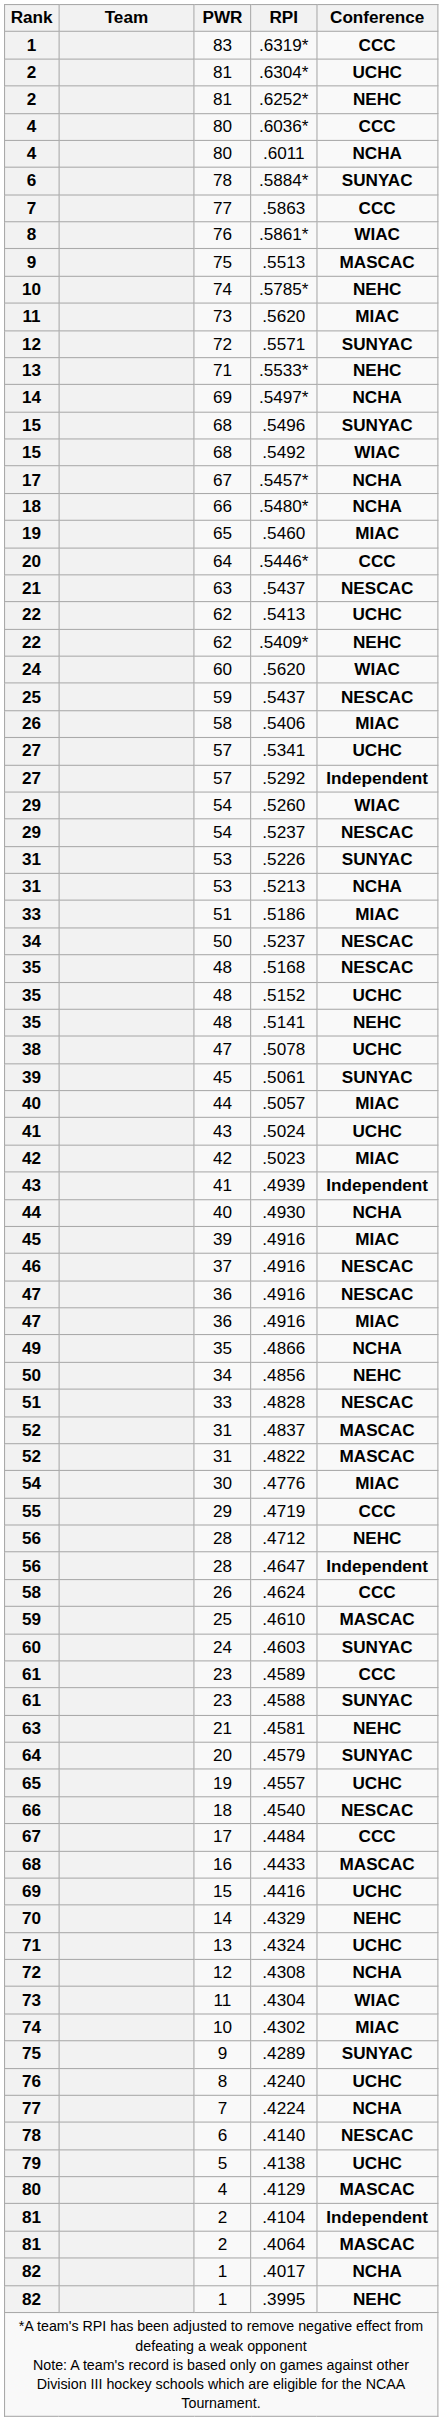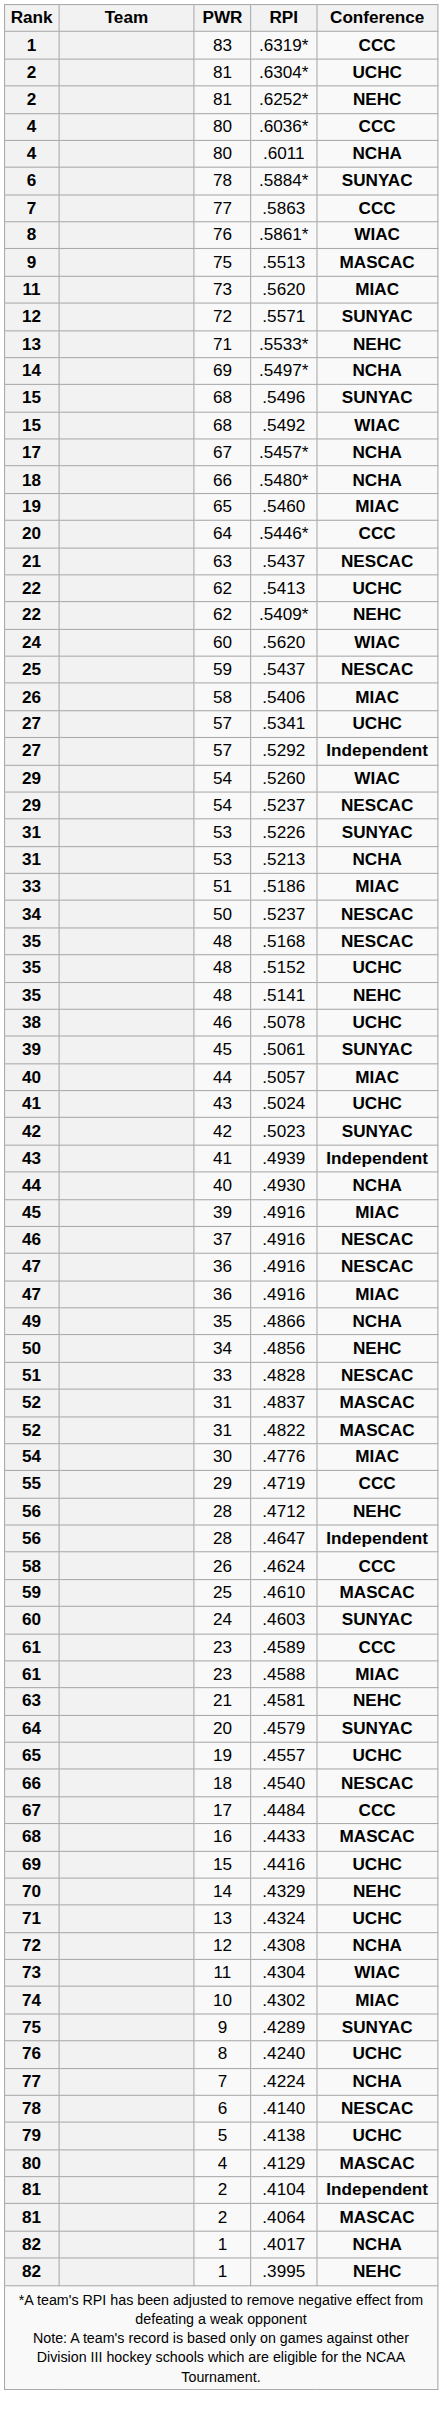 <table class="wikitable sortable" style="text-align: center;" width=65%>
 <tr>
 <th ! width="4%">Rank</th>
 <th ! width="25%">Team</th>
 <th ! width="8%">PWR</th>
 <th ! width="8%">RPI</th>
 <th ! width="10%">Conference</th>
 </tr>
 <tr>
 <th>1</th>
 <th align=center><strong><a href='#'></a></strong></th>
 <td>83</td>
 <td>.6319*</td>
 <td><strong>CCC</strong></td>
 </tr>
 <tr>
 <th>2</th>
 <th align=center><strong><a href='#'></a></strong></th>
 <td>81</td>
 <td>.6304*</td>
 <td><strong>UCHC</strong></td>
 </tr>
 <tr>
 <th>2</th>
 <th align=center><strong><a href='#'></a></strong></th>
 <td>81</td>
 <td>.6252*</td>
 <td><strong>NEHC</strong></td>
 </tr>
 <tr>
 <th>4</th>
 <th align=center><strong><a href='#'></a></strong></th>
 <td>80</td>
 <td>.6036*</td>
 <td><strong>CCC</strong></td>
 </tr>
 <tr>
 <th>4</th>
 <th align=center><strong><a href='#'></a></strong></th>
 <td>80</td>
 <td>.6011</td>
 <td><strong>NCHA</strong></td>
 </tr>
 <tr>
 <th>6</th>
 <th align=center><strong><a href='#'></a></strong></th>
 <td>78</td>
 <td>.5884*</td>
 <td><strong>SUNYAC</strong></td>
 </tr>
 <tr>
 <th>7</th>
 <th align=center><strong><a href='#'></a></strong></th>
 <td>77</td>
 <td>.5863</td>
 <td><strong>CCC</strong></td>
 </tr>
 <tr>
 <th>8</th>
 <th align=center><strong><a href='#'></a></strong></th>
 <td>76</td>
 <td>.5861*</td>
 <td><strong>WIAC</strong></td>
 </tr>
 <tr>
 <th>9</th>
 <th align=center><strong><a href='#'></a></strong></th>
 <td>75</td>
 <td>.5513</td>
 <td><strong>MASCAC</strong></td>
-</tr>
-<tr>
-<th>10</th>
-<th align=center><strong><a href='#'></a></strong></th>
-<td>74</td>
-<td>.5785*</td>
-<td><strong>NEHC</strong></td>
 </tr>
 <tr>
 <th>11</th>
 <th align=center><strong><a href='#'></a></strong></th>
 <td>73</td>
 <td>.5620</td>
 <td><strong>MIAC</strong></td>
 </tr>
 <tr>
 <th>12</th>
 <th align=center><strong><a href='#'></a></strong></th>
 <td>72</td>
 <td>.5571</td>
 <td><strong>SUNYAC</strong></td>
 </tr>
 <tr>
 <th>13</th>
 <th align=center><strong><a href='#'></a></strong></th>
 <td>71</td>
 <td>.5533*</td>
 <td><strong>NEHC</strong></td>
 </tr>
 <tr>
 <th>14</th>
 <th align=center><strong><a href='#'></a></strong></th>
 <td>69</td>
 <td>.5497*</td>
 <td><strong>NCHA</strong></td>
 </tr>
 <tr>
 <th>15</th>
 <th align=center><strong><a href='#'></a></strong></th>
 <td>68</td>
 <td>.5496</td>
 <td><strong>SUNYAC</strong></td>
 </tr>
 <tr>
 <th>15</th>
 <th align=center><strong><a href='#'></a></strong></th>
 <td>68</td>
 <td>.5492</td>
 <td><strong>WIAC</strong></td>
 </tr>
 <tr>
 <th>17</th>
 <th align=center><strong><a href='#'></a></strong></th>
 <td>67</td>
 <td>.5457*</td>
 <td><strong>NCHA</strong></td>
 </tr>
 <tr>
 <th>18</th>
 <th align=center><strong><a href='#'></a></strong></th>
 <td>66</td>
 <td>.5480*</td>
 <td><strong>NCHA</strong></td>
 </tr>
 <tr>
 <th>19</th>
 <th align=center><strong><a href='#'></a></strong></th>
 <td>65</td>
 <td>.5460</td>
 <td><strong>MIAC</strong></td>
 </tr>
 <tr>
 <th>20</th>
 <th align=center><strong><a href='#'></a></strong></th>
 <td>64</td>
 <td>.5446*</td>
 <td><strong>CCC</strong></td>
 </tr>
 <tr>
 <th>21</th>
 <th align=center><strong><a href='#'></a></strong></th>
 <td>63</td>
 <td>.5437</td>
 <td><strong>NESCAC</strong></td>
 </tr>
 <tr>
 <th>22</th>
 <th align=center><strong><a href='#'></a></strong></th>
 <td>62</td>
 <td>.5413</td>
 <td><strong>UCHC</strong></td>
 </tr>
 <tr>
 <th>22</th>
 <th align=center><strong><a href='#'></a></strong></th>
 <td>62</td>
 <td>.5409*</td>
 <td><strong>NEHC</strong></td>
 </tr>
 <tr>
 <th>24</th>
 <th align=center><strong><a href='#'></a></strong></th>
 <td>60</td>
 <td>.5620</td>
 <td><strong>WIAC</strong></td>
 </tr>
 <tr>
 <th>25</th>
 <th align=center><strong><a href='#'></a></strong></th>
 <td>59</td>
 <td>.5437</td>
 <td><strong>NESCAC</strong></td>
 </tr>
 <tr>
 <th>26</th>
 <th align=center><strong><a href='#'></a></strong></th>
 <td>58</td>
 <td>.5406</td>
 <td><strong>MIAC</strong></td>
 </tr>
 <tr>
 <th>27</th>
 <th align=center><strong><a href='#'></a></strong></th>
 <td>57</td>
 <td>.5341</td>
 <td><strong>UCHC</strong></td>
 </tr>
 <tr>
 <th>27</th>
 <th align=center><strong><a href='#'></a></strong></th>
 <td>57</td>
 <td>.5292</td>
 <td><strong>Independent</strong></td>
 </tr>
 <tr>
 <th>29</th>
 <th align=center><strong><a href='#'></a></strong></th>
 <td>54</td>
 <td>.5260</td>
 <td><strong>WIAC</strong></td>
 </tr>
 <tr>
 <th>29</th>
 <th align=center><strong><a href='#'></a></strong></th>
 <td>54</td>
 <td>.5237</td>
 <td><strong>NESCAC</strong></td>
 </tr>
 <tr>
 <th>31</th>
 <th align=center><strong><a href='#'></a></strong></th>
 <td>53</td>
 <td>.5226</td>
 <td><strong>SUNYAC</strong></td>
 </tr>
 <tr>
 <th>31</th>
 <th align=center><strong><a href='#'></a></strong></th>
 <td>53</td>
 <td>.5213</td>
 <td><strong>NCHA</strong></td>
 </tr>
 <tr>
 <th>33</th>
 <th align=center><strong><a href='#'></a></strong></th>
 <td>51</td>
 <td>.5186</td>
 <td><strong>MIAC</strong></td>
 </tr>
 <tr>
 <th>34</th>
 <th align=center><strong><a href='#'></a></strong></th>
 <td>50</td>
 <td>.5237</td>
 <td><strong>NESCAC</strong></td>
 </tr>
 <tr>
 <th>35</th>
 <th align=center><strong><a href='#'></a></strong></th>
 <td>48</td>
 <td>.5168</td>
 <td><strong>NESCAC</strong></td>
 </tr>
 <tr>
 <th>35</th>
 <th align=center><strong><a href='#'></a></strong></th>
 <td>48</td>
 <td>.5152</td>
 <td><strong>UCHC</strong></td>
 </tr>
 <tr>
 <th>35</th>
 <th align=center><strong><a href='#'></a></strong></th>
 <td>48</td>
 <td>.5141</td>
 <td><strong>NEHC</strong></td>
 </tr>
 <tr>
 <th>38</th>
 <th align=center><strong><a href='#'></a></strong></th>
-<td>47</td>
+<td>46</td>
 <td>.5078</td>
 <td><strong>UCHC</strong></td>
 </tr>
 <tr>
 <th>39</th>
 <th align=center><strong><a href='#'></a></strong></th>
 <td>45</td>
 <td>.5061</td>
 <td><strong>SUNYAC</strong></td>
 </tr>
 <tr>
 <th>40</th>
 <th align=center><strong><a href='#'></a></strong></th>
 <td>44</td>
 <td>.5057</td>
 <td><strong>MIAC</strong></td>
 </tr>
 <tr>
 <th>41</th>
 <th align=center><strong><a href='#'></a></strong></th>
 <td>43</td>
 <td>.5024</td>
 <td><strong>UCHC</strong></td>
 </tr>
 <tr>
 <th>42</th>
 <th align=center><strong><a href='#'></a></strong></th>
 <td>42</td>
 <td>.5023</td>
-<td><strong>MIAC</strong></td>
+<td><strong>SUNYAC</strong></td>
 </tr>
 <tr>
 <th>43</th>
 <th align=center><strong><a href='#'></a></strong></th>
 <td>41</td>
 <td>.4939</td>
 <td><strong>Independent</strong></td>
 </tr>
 <tr>
 <th>44</th>
 <th align=center><strong><a href='#'></a></strong></th>
 <td>40</td>
 <td>.4930</td>
 <td><strong>NCHA</strong></td>
 </tr>
 <tr>
 <th>45</th>
 <th align=center><strong><a href='#'></a></strong></th>
 <td>39</td>
 <td>.4916</td>
 <td><strong>MIAC</strong></td>
 </tr>
 <tr>
 <th>46</th>
 <th align=center><strong><a href='#'></a></strong></th>
 <td>37</td>
 <td>.4916</td>
 <td><strong>NESCAC</strong></td>
 </tr>
 <tr>
 <th>47</th>
 <th align=center><strong><a href='#'></a></strong></th>
 <td>36</td>
 <td>.4916</td>
 <td><strong>NESCAC</strong></td>
 </tr>
 <tr>
 <th>47</th>
 <th align=center><strong><a href='#'></a></strong></th>
 <td>36</td>
 <td>.4916</td>
 <td><strong>MIAC</strong></td>
 </tr>
 <tr>
 <th>49</th>
 <th align=center><strong><a href='#'></a></strong></th>
 <td>35</td>
 <td>.4866</td>
 <td><strong>NCHA</strong></td>
 </tr>
 <tr>
 <th>50</th>
 <th align=center><strong><a href='#'></a></strong></th>
 <td>34</td>
 <td>.4856</td>
 <td><strong>NEHC</strong></td>
 </tr>
 <tr>
 <th>51</th>
 <th align=center><strong><a href='#'></a></strong></th>
 <td>33</td>
 <td>.4828</td>
 <td><strong>NESCAC</strong></td>
 </tr>
 <tr>
 <th>52</th>
 <th align=center><strong><a href='#'></a></strong></th>
 <td>31</td>
 <td>.4837</td>
 <td><strong>MASCAC</strong></td>
 </tr>
 <tr>
 <th>52</th>
 <th align=center><strong><a href='#'></a></strong></th>
 <td>31</td>
 <td>.4822</td>
 <td><strong>MASCAC</strong></td>
 </tr>
 <tr>
 <th>54</th>
 <th align=center><strong><a href='#'></a></strong></th>
 <td>30</td>
 <td>.4776</td>
 <td><strong>MIAC</strong></td>
 </tr>
 <tr>
 <th>55</th>
 <th align=center><strong><a href='#'></a></strong></th>
 <td>29</td>
 <td>.4719</td>
 <td><strong>CCC</strong></td>
 </tr>
 <tr>
 <th>56</th>
 <th align=center><strong><a href='#'></a></strong></th>
 <td>28</td>
 <td>.4712</td>
 <td><strong>NEHC</strong></td>
 </tr>
 <tr>
 <th>56</th>
 <th align=center><strong><a href='#'></a></strong></th>
 <td>28</td>
 <td>.4647</td>
 <td><strong>Independent</strong></td>
 </tr>
 <tr>
 <th>58</th>
 <th align=center><strong><a href='#'></a></strong></th>
 <td>26</td>
 <td>.4624</td>
 <td><strong>CCC</strong></td>
 </tr>
 <tr>
 <th>59</th>
 <th align=center><strong><a href='#'></a></strong></th>
 <td>25</td>
 <td>.4610</td>
 <td><strong>MASCAC</strong></td>
 </tr>
 <tr>
 <th>60</th>
 <th align=center><strong><a href='#'></a></strong></th>
 <td>24</td>
 <td>.4603</td>
 <td><strong>SUNYAC</strong></td>
 </tr>
 <tr>
 <th>61</th>
 <th align=center><strong><a href='#'></a></strong></th>
 <td>23</td>
 <td>.4589</td>
 <td><strong>CCC</strong></td>
 </tr>
 <tr>
 <th>61</th>
 <th align=center><strong><a href='#'></a></strong></th>
 <td>23</td>
 <td>.4588</td>
-<td><strong>SUNYAC</strong></td>
+<td><strong>MIAC</strong></td>
 </tr>
 <tr>
 <th>63</th>
 <th align=center><strong><a href='#'></a></strong></th>
 <td>21</td>
 <td>.4581</td>
 <td><strong>NEHC</strong></td>
 </tr>
 <tr>
 <th>64</th>
 <th align=center><strong><a href='#'></a></strong></th>
 <td>20</td>
 <td>.4579</td>
 <td><strong>SUNYAC</strong></td>
 </tr>
 <tr>
 <th>65</th>
 <th align=center><strong><a href='#'></a></strong></th>
 <td>19</td>
 <td>.4557</td>
 <td><strong>UCHC</strong></td>
 </tr>
 <tr>
 <th>66</th>
 <th align=center><strong><a href='#'></a></strong></th>
 <td>18</td>
 <td>.4540</td>
 <td><strong>NESCAC</strong></td>
 </tr>
 <tr>
 <th>67</th>
 <th align=center><strong><a href='#'></a></strong></th>
 <td>17</td>
 <td>.4484</td>
 <td><strong>CCC</strong></td>
 </tr>
 <tr>
 <th>68</th>
 <th align=center><strong><a href='#'></a></strong></th>
 <td>16</td>
 <td>.4433</td>
 <td><strong>MASCAC</strong></td>
 </tr>
 <tr>
 <th>69</th>
 <th align=center><strong><a href='#'></a></strong></th>
 <td>15</td>
 <td>.4416</td>
 <td><strong>UCHC</strong></td>
 </tr>
 <tr>
 <th>70</th>
 <th align=center><strong><a href='#'></a></strong></th>
 <td>14</td>
 <td>.4329</td>
 <td><strong>NEHC</strong></td>
 </tr>
 <tr>
 <th>71</th>
 <th align=center><strong><a href='#'></a></strong></th>
 <td>13</td>
 <td>.4324</td>
 <td><strong>UCHC</strong></td>
 </tr>
 <tr>
 <th>72</th>
 <th align=center><strong><a href='#'></a></strong></th>
 <td>12</td>
 <td>.4308</td>
 <td><strong>NCHA</strong></td>
 </tr>
 <tr>
 <th>73</th>
 <th align=center><strong><a href='#'></a></strong></th>
 <td>11</td>
 <td>.4304</td>
 <td><strong>WIAC</strong></td>
 </tr>
 <tr>
 <th>74</th>
 <th align=center><strong><a href='#'></a></strong></th>
 <td>10</td>
 <td>.4302</td>
 <td><strong>MIAC</strong></td>
 </tr>
 <tr>
 <th>75</th>
 <th align=center><strong><a href='#'></a></strong></th>
 <td>9</td>
 <td>.4289</td>
 <td><strong>SUNYAC</strong></td>
 </tr>
 <tr>
 <th>76</th>
 <th align=center><strong><a href='#'></a></strong></th>
 <td>8</td>
 <td>.4240</td>
 <td><strong>UCHC</strong></td>
 </tr>
 <tr>
 <th>77</th>
 <th align=center><strong><a href='#'></a></strong></th>
 <td>7</td>
 <td>.4224</td>
 <td><strong>NCHA</strong></td>
 </tr>
 <tr>
 <th>78</th>
 <th align=center><strong><a href='#'></a></strong></th>
 <td>6</td>
 <td>.4140</td>
 <td><strong>NESCAC</strong></td>
 </tr>
 <tr>
 <th>79</th>
 <th align=center><strong><a href='#'></a></strong></th>
 <td>5</td>
 <td>.4138</td>
 <td><strong>UCHC</strong></td>
 </tr>
 <tr>
 <th>80</th>
 <th align=center><strong><a href='#'></a></strong></th>
 <td>4</td>
 <td>.4129</td>
 <td><strong>MASCAC</strong></td>
 </tr>
 <tr>
 <th>81</th>
 <th align=center><strong><a href='#'></a></strong></th>
 <td>2</td>
 <td>.4104</td>
 <td><strong>Independent</strong></td>
 </tr>
 <tr>
 <th>81</th>
 <th align=center><strong><a href='#'></a></strong></th>
 <td>2</td>
 <td>.4064</td>
 <td><strong>MASCAC</strong></td>
 </tr>
 <tr>
 <th>82</th>
 <th align=center><strong><a href='#'></a></strong></th>
 <td>1</td>
 <td>.4017</td>
 <td><strong>NCHA</strong></td>
 </tr>
 <tr>
 <th>82</th>
 <th align=center><strong><a href='#'></a></strong></th>
 <td>1</td>
 <td>.3995</td>
 <td><strong>NEHC</strong></td>
 </tr>
 <tr class="sortbottom">
 <td colspan=5 style="text-align:center;"><small> *A team's RPI has been adjusted to remove negative effect from defeating a weak opponent <br> Note: A team's record is based only on games against other Division III hockey schools which are eligible for the NCAA Tournament.</small></td>
 </tr>
 </table>
